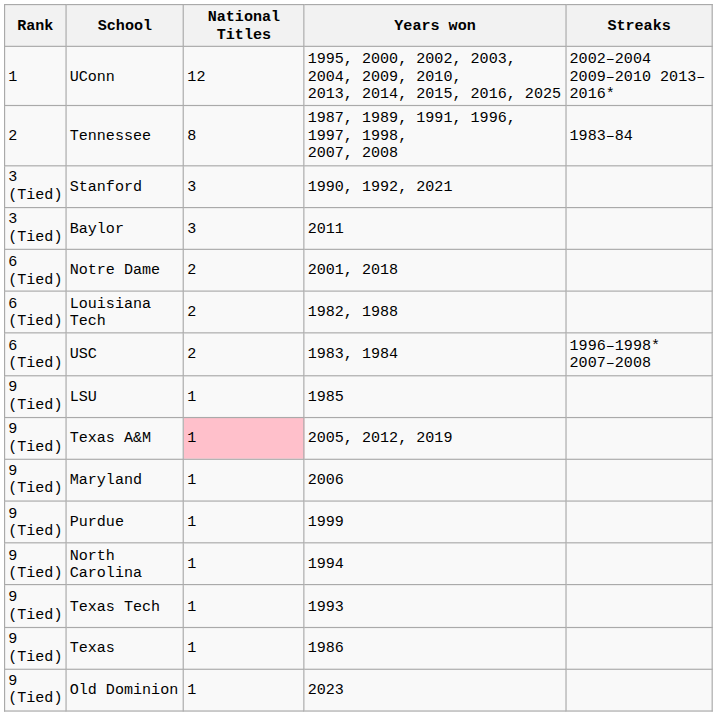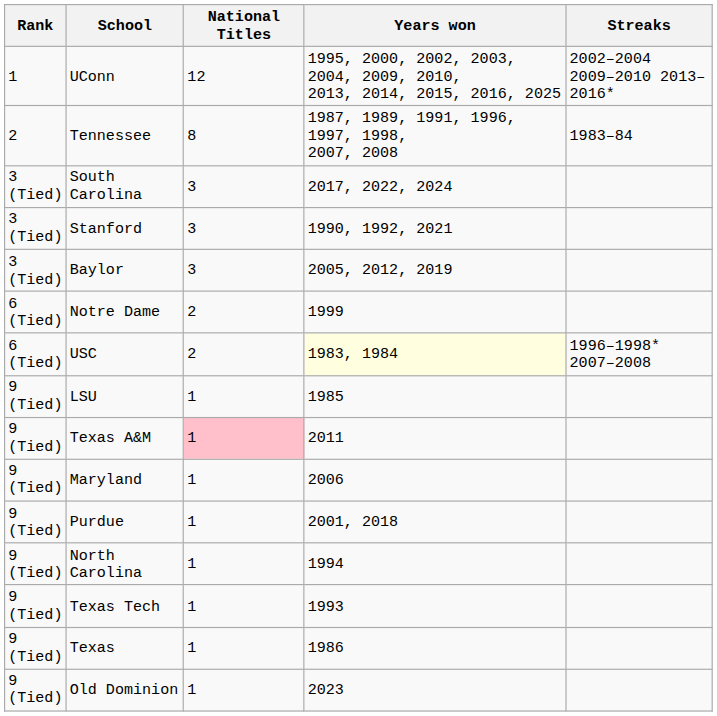 <table class="wikitable">
 <tr>
 <th>Rank</th>
 <th>School</th>
 <th>National Titles</th>
 <th>Years won</th>
 <th>Streaks</th>
 </tr>
 <tr>
 <td>1</td>
 <td>UConn</td>
 <td>12</td>
 <td>1995, 2000, 2002, 2003, 2004, 2009, 2010,<br>2013, 2014, 2015, 2016, 2025</td>
 <td>2002–2004<br>2009–2010 2013–2016*</td>
 </tr>
 <tr>
 <td>2</td>
 <td>Tennessee</td>
 <td>8</td>
 <td>1987, 1989, 1991, 1996, 1997, 1998,<br>2007, 2008</td>
 <td>1983–84</td>
 </tr>
 <tr>
 <td>3<br>(Tied)</td>
+<td>South Carolina</td>
+<td>3</td>
+<td>2017, 2022, 2024</td>
+<td></td>
+</tr>
+<tr>
+<td>3<br>(Tied)</td>
 <td>Stanford</td>
 <td>3</td>
 <td>1990, 1992, 2021</td>
 <td></td>
 </tr>
 <tr>
 <td>3<br>(Tied)</td>
 <td>Baylor</td>
 <td>3</td>
-<td>2011</td>
+<td>2005, 2012, 2019</td>
 <td></td>
 </tr>
 <tr>
 <td>6<br>(Tied)</td>
 <td>Notre Dame</td>
 <td>2</td>
-<td>2001, 2018</td>
-<td></td>
-</tr>
-<tr>
-<td>6<br>(Tied)</td>
-<td>Louisiana Tech</td>
-<td>2</td>
-<td>1982, 1988</td>
+<td>1999</td>
 <td></td>
 </tr>
 <tr>
 <td>6<br>(Tied)</td>
 <td>USC</td>
 <td>2</td>
-<td>1983, 1984</td>
+<td style="background: lightyellow;">1983, 1984</td>
 <td>1996–1998*<br>2007–2008</td>
 </tr>
 <tr>
 <td>9<br>(Tied)</td>
 <td>LSU</td>
 <td>1</td>
 <td>1985</td>
 <td></td>
 </tr>
 <tr>
 <td>9<br>(Tied)</td>
 <td>Texas A&M</td>
 <td style="background: pink;">1</td>
-<td>2005, 2012, 2019</td>
+<td>2011</td>
 <td></td>
 </tr>
 <tr>
 <td>9<br>(Tied)</td>
 <td>Maryland</td>
 <td>1</td>
 <td>2006</td>
 <td></td>
 </tr>
 <tr>
 <td>9<br>(Tied)</td>
 <td>Purdue</td>
 <td>1</td>
-<td>1999</td>
+<td>2001, 2018</td>
 <td></td>
 </tr>
 <tr>
 <td>9<br>(Tied)</td>
 <td>North Carolina</td>
 <td>1</td>
 <td>1994</td>
 <td></td>
 </tr>
 <tr>
 <td>9<br>(Tied)</td>
 <td>Texas Tech</td>
 <td>1</td>
 <td>1993</td>
 <td></td>
 </tr>
 <tr>
 <td>9<br>(Tied)</td>
 <td>Texas</td>
 <td>1</td>
 <td>1986</td>
 <td></td>
 </tr>
 <tr>
 <td>9<br>(Tied)</td>
 <td>Old Dominion</td>
 <td>1</td>
 <td>2023</td>
 <td></td>
 </tr>
 </table>
